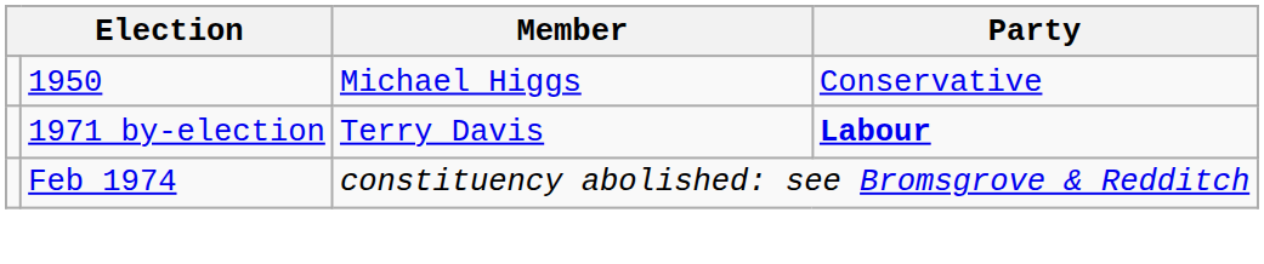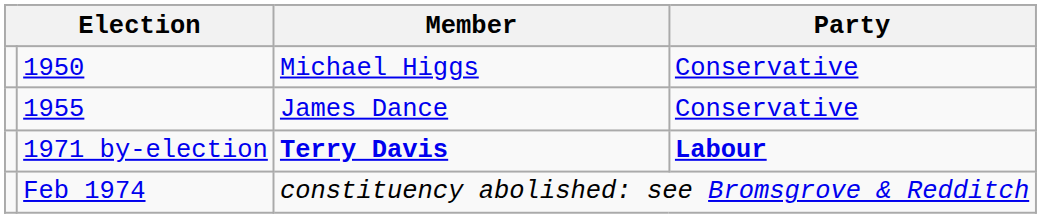 <table class="wikitable">
 <tr>
 <th colspan="2">Election</th>
 <th>Member</th>
 <th>Party</th>
 </tr>
 <tr>
 <td style="color:inherit;background-color: "></td>
 <td><a href='#'>1950</a></td>
 <td><a href='#'>Michael Higgs</a></td>
 <td><a href='#'>Conservative</a></td>
 </tr>
 <tr>
 <td style="color:inherit;background-color: "></td>
+<td><a href='#'>1955</a></td>
+<td><a href='#'>James Dance</a></td>
+<td><a href='#'>Conservative</a></td>
+</tr>
+<tr>
+<td style="color:inherit;background-color: "></td>
 <td><a href='#'>1971 by-election</a></td>
-<td><a href='#'>Terry Davis</a></td>
+<td><strong><a href='#'>Terry Davis</a></strong></td>
 <td><strong><a href='#'>Labour</a></strong></td>
 </tr>
 <tr>
 <td></td>
 <td><a href='#'>Feb 1974</a></td>
 <td colspan="2"><em>constituency abolished: see <a href='#'>Bromsgrove & Redditch</a></em></td>
 </tr>
 </table>
